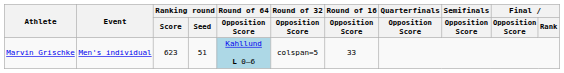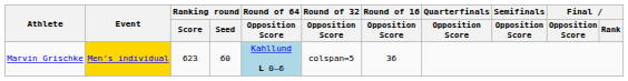 <table class="wikitable" style="font-size:90%">
 <tr>
 <th rowspan=2>Athlete</th>
 <th rowspan=2>Event</th>
 <th colspan=2>Ranking round</th>
 <th>Round of 64</th>
 <th>Round of 32</th>
 <th>Round of 16</th>
 <th>Quarterfinals</th>
 <th>Semifinals</th>
 <th colspan=2>Final / </th>
 </tr>
 <tr style="font-size:95%">
 <th>Score</th>
 <th>Seed</th>
 <th>Opposition<br>Score</th>
 <th>Opposition<br>Score</th>
 <th>Opposition<br>Score</th>
 <th>Opposition<br>Score</th>
 <th>Opposition<br>Score</th>
 <th>Opposition<br>Score</th>
 <th>Rank</th>
 </tr>
 <tr align=center>
 <td align=left><a href='#'>Marvin Grischke</a></td>
-<td align=left><a href='#'>Men's individual</a></td>
+<td align=left style="background: gold;"><a href='#'>Men's individual</a></td>
 <td>623</td>
-<td>51</td>
+<td>60</td>
 <td style="background: lightblue;"><a href='#'>Kahllund</a><br><br><strong>L</strong> 0–6</td>
 <td>colspan=5 </td>
-<td>33</td>
+<td>36</td>
 </tr>
 </table>
